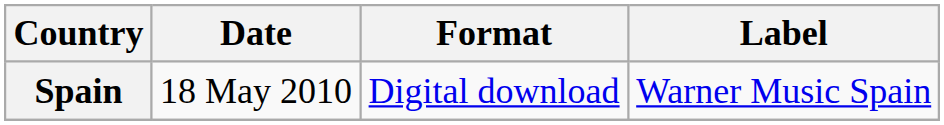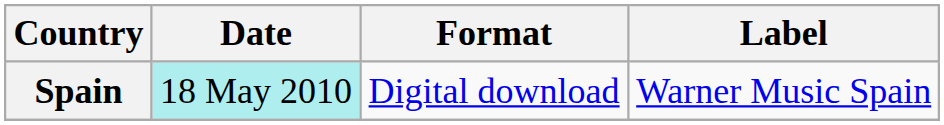 <table class="wikitable plainrowheaders">
 <tr>
 <th scope="col">Country</th>
 <th scope="col">Date</th>
 <th scope="col">Format</th>
 <th scope="col">Label</th>
 </tr>
 <tr>
 <th scope="row">Spain</th>
-<td>18 May 2010</td>
+<td style="background: paleturquoise;">18 May 2010</td>
 <td><a href='#'>Digital download</a></td>
 <td><a href='#'>Warner Music Spain</a></td>
 </tr>
 <tr>
 </tr>
 </table>
